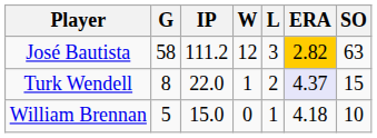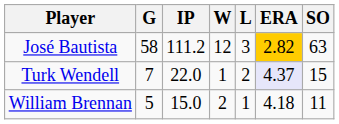 <table class="wikitable sortable" style="text-align:center">
 <tr>
 <th>Player</th>
 <th>G</th>
 <th>IP</th>
 <th>W</th>
 <th>L</th>
 <th>ERA</th>
 <th>SO</th>
 </tr>
 <tr>
 <td><a href='#'>José Bautista</a></td>
 <td>58</td>
 <td>111.2</td>
 <td>12</td>
 <td>3</td>
 <td style="background:#fc0;">2.82</td>
 <td>63</td>
 </tr>
 <tr>
 <td><a href='#'>Turk Wendell</a></td>
-<td>8</td>
+<td>7</td>
 <td>22.0</td>
 <td>1</td>
 <td>2</td>
 <td style="background: lavender;">4.37</td>
 <td>15</td>
 </tr>
 <tr>
 <td><a href='#'>William Brennan</a></td>
 <td>5</td>
 <td>15.0</td>
-<td>0</td>
+<td>2</td>
 <td>1</td>
 <td>4.18</td>
-<td>10</td>
+<td>11</td>
 </tr>
 </table>
